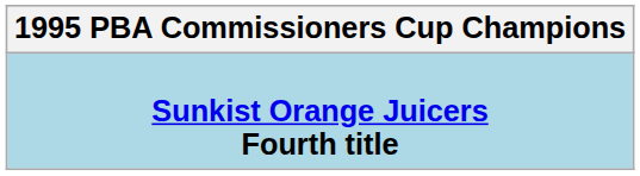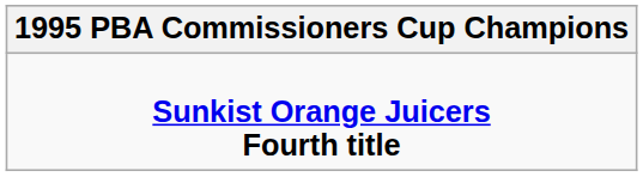 <table class=wikitable style="text-align:center; margin:auto">
 <tr>
 <th>1995 PBA Commissioners Cup Champions</th>
 </tr>
 <tr>
-<td style="background: lightblue;"><br> <strong><a href='#'>Sunkist Orange Juicers</a></strong> <br> <strong>Fourth title</strong></td>
+<td><br> <strong><a href='#'>Sunkist Orange Juicers</a></strong> <br> <strong>Fourth title</strong></td>
 </tr>
 </table>
